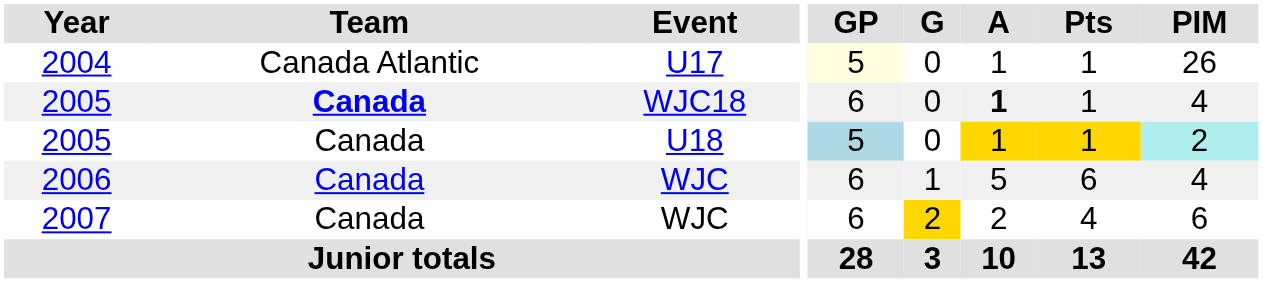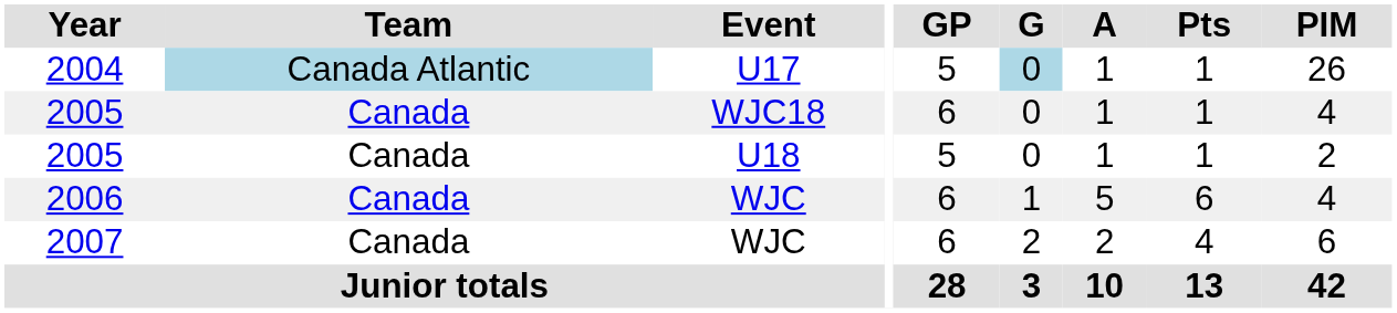 <table border="0" cellpadding="1" cellspacing="0" ID="Table3" style="text-align:center; width:40em">
 <tr bgcolor="#e0e0e0">
 <th>Year</th>
 <th>Team</th>
 <th>Event</th>
 <th rowspan="102" bgcolor="#ffffff"></th>
 <th>GP</th>
 <th>G</th>
 <th>A</th>
 <th>Pts</th>
 <th>PIM</th>
 </tr>
 <tr>
 <td><a href='#'>2004</a></td>
-<td>Canada Atlantic</td>
+<td style="background: lightblue;">Canada Atlantic</td>
 <td><a href='#'>U17</a></td>
-<td style="background: lightyellow;">5</td>
-<td>0</td>
+<td>5</td>
+<td style="background: lightblue;">0</td>
 <td>1</td>
 <td>1</td>
 <td>26</td>
 </tr>
 <tr bgcolor="#f0f0f0">
 <td><a href='#'>2005</a></td>
-<td><strong><a href='#'>Canada</a></strong></td>
+<td><a href='#'>Canada</a></td>
 <td><a href='#'>WJC18</a></td>
 <td>6</td>
 <td>0</td>
-<td><strong>1</strong></td>
+<td>1</td>
 <td>1</td>
 <td>4</td>
 </tr>
 <tr>
 <td><a href='#'>2005</a></td>
 <td>Canada</td>
 <td><a href='#'>U18</a></td>
-<td style="background: lightblue;">5</td>
+<td>5</td>
 <td>0</td>
-<td style="background: gold;">1</td>
-<td style="background: gold;">1</td>
-<td style="background: paleturquoise;">2</td>
+<td>1</td>
+<td>1</td>
+<td>2</td>
 </tr>
 <tr bgcolor="#f0f0f0">
 <td><a href='#'>2006</a></td>
 <td><a href='#'>Canada</a></td>
 <td><a href='#'>WJC</a></td>
 <td>6</td>
 <td>1</td>
 <td>5</td>
 <td>6</td>
 <td>4</td>
 </tr>
 <tr>
 <td><a href='#'>2007</a></td>
 <td>Canada</td>
 <td>WJC</td>
 <td>6</td>
-<td style="background: gold;">2</td>
+<td>2</td>
 <td>2</td>
 <td>4</td>
 <td>6</td>
 </tr>
 <tr bgcolor="#e0e0e0">
 <th colspan="3">Junior totals</th>
 <th>28</th>
 <th>3</th>
 <th>10</th>
 <th>13</th>
 <th>42</th>
 </tr>
 </table>
